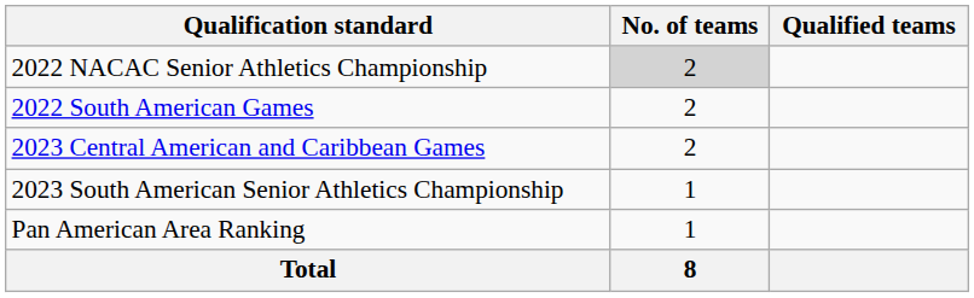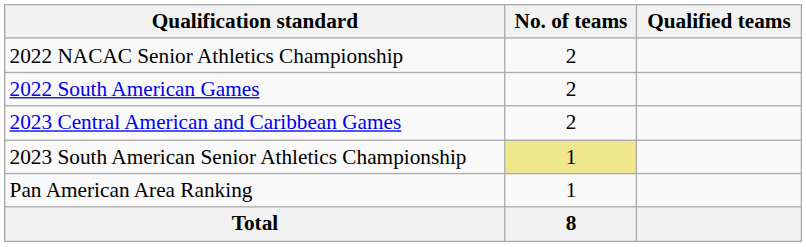 <table class="wikitable" style="text-align:left; width:600px;">
 <tr>
 <th>Qualification standard</th>
 <th>No. of teams</th>
 <th>Qualified teams</th>
 </tr>
 <tr>
 <td>2022 NACAC Senior Athletics Championship</td>
-<td align=center style="background: lightgrey;">2</td>
+<td align=center>2</td>
 <td><br></td>
 </tr>
 <tr>
 <td><a href='#'>2022 South American Games</a></td>
 <td align=center>2</td>
 <td><br></td>
 </tr>
 <tr>
 <td><a href='#'>2023 Central American and Caribbean Games</a></td>
 <td align=center>2</td>
 <td><br></td>
 </tr>
 <tr>
 <td>2023 South American Senior Athletics Championship</td>
-<td align=center>1</td>
+<td align=center style="background: khaki;">1</td>
 <td></td>
 </tr>
 <tr>
 <td>Pan American Area Ranking</td>
 <td align=center>1</td>
 <td></td>
 </tr>
 <tr>
 <th>Total</th>
 <th>8</th>
 <th colspan=2></th>
 </tr>
 </table>
